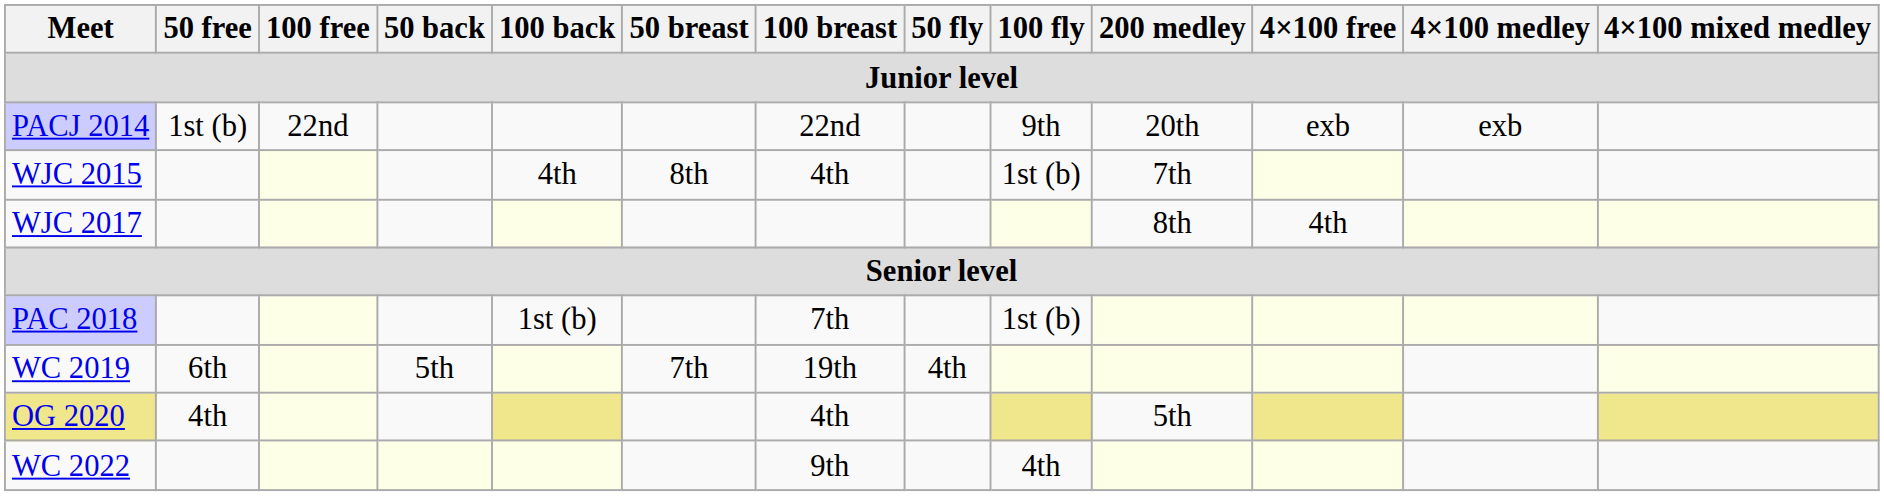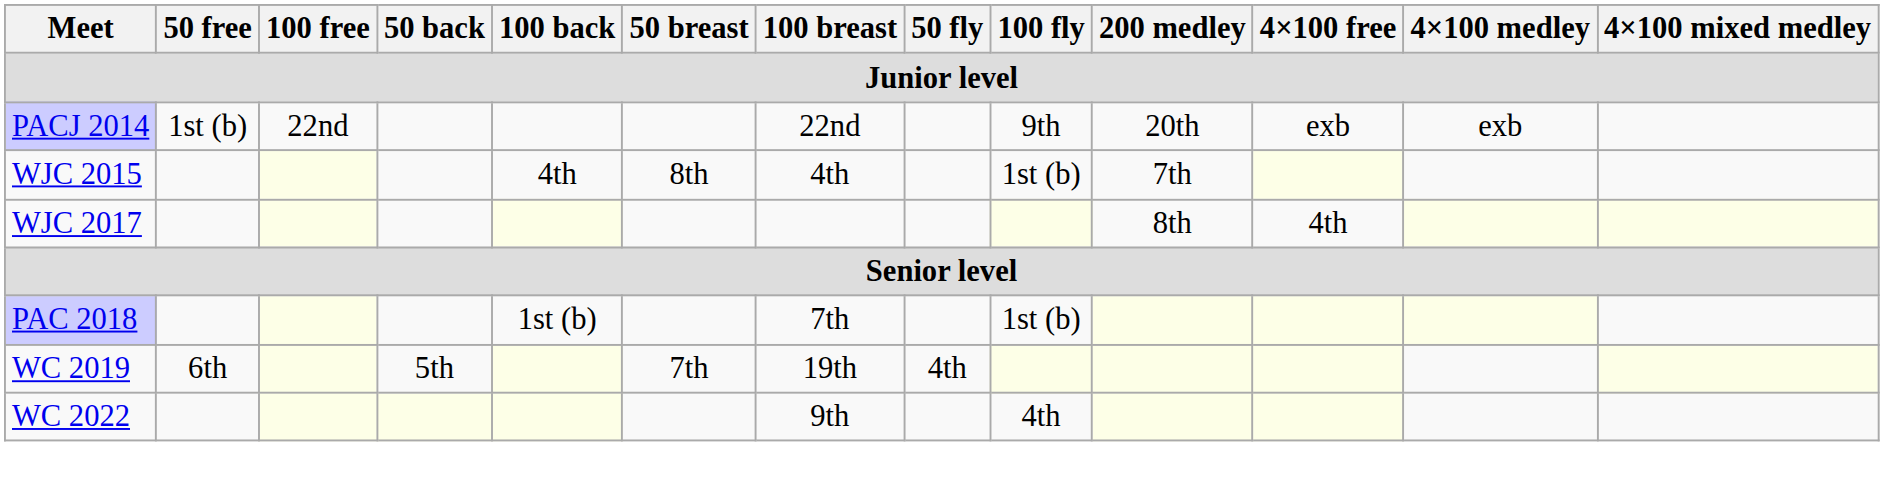 <table class="sortable wikitable">
 <tr>
 <th>Meet</th>
 <th class="unsortable">50 free</th>
 <th class="unsortable">100 free</th>
 <th class="unsortable">50 back</th>
 <th class="unsortable">100 back</th>
 <th class="unsortable">50 breast</th>
 <th class="unsortable">100 breast</th>
 <th class="unsortable">50 fly</th>
 <th class="unsortable">100 fly</th>
 <th class="unsortable">200 medley</th>
 <th class="unsortable">4×100 free</th>
 <th class="unsortable">4×100 medley</th>
 <th class="unsortable">4×100 mixed medley</th>
 </tr>
 <tr bgcolor="#DDDDDD">
 <td colspan="13" align="center"><strong>Junior level</strong></td>
 </tr>
 <tr>
 <td style="background:#ccccff"><a href='#'>PACJ 2014</a></td>
 <td align="center">1st (b)</td>
 <td align="center">22nd</td>
 <td></td>
 <td align="center"></td>
 <td></td>
 <td align="center">22nd</td>
 <td></td>
 <td align="center">9th</td>
 <td align="center">20th</td>
 <td align="center">exb</td>
 <td align="center">exb</td>
 <td></td>
 </tr>
 <tr>
 <td><a href='#'>WJC 2015</a></td>
 <td align="center"></td>
 <td style="background:#fdffe7"></td>
 <td align="center"></td>
 <td align="center">4th</td>
 <td align="center">8th</td>
 <td align="center">4th</td>
 <td align="center"></td>
 <td align="center">1st (b)</td>
 <td align="center">7th</td>
 <td style="background:#fdffe7"></td>
 <td align="center"></td>
 <td align="center"></td>
 </tr>
 <tr>
 <td><a href='#'>WJC 2017</a></td>
 <td align="center"></td>
 <td style="background:#fdffe7"></td>
 <td align="center"></td>
 <td style="background:#fdffe7"></td>
 <td align="center"></td>
 <td align="center"></td>
 <td align="center"></td>
 <td style="background:#fdffe7"></td>
 <td align="center">8th</td>
 <td align="center">4th</td>
 <td style="background:#fdffe7"></td>
 <td style="background:#fdffe7"></td>
 </tr>
 <tr bgcolor="#DDDDDD">
 <td colspan="13" align="center"><strong>Senior level</strong></td>
 </tr>
 <tr>
 <td style="background:#ccccff"><a href='#'>PAC 2018</a></td>
 <td align="center"></td>
 <td style="background:#fdffe7"></td>
 <td></td>
 <td align="center">1st (b)</td>
 <td></td>
 <td align="center">7th</td>
 <td></td>
 <td align="center">1st (b)</td>
 <td style="background:#fdffe7"></td>
 <td style="background:#fdffe7"></td>
 <td style="background:#fdffe7"></td>
 <td align="center"></td>
 </tr>
 <tr>
 <td><a href='#'>WC 2019</a></td>
 <td align="center">6th</td>
 <td style="background:#fdffe7"></td>
 <td align="center">5th</td>
 <td style="background:#fdffe7"></td>
 <td align="center">7th</td>
 <td align="center">19th</td>
 <td align="center">4th</td>
 <td style="background:#fdffe7"></td>
 <td style="background:#fdffe7"></td>
 <td style="background:#fdffe7"></td>
 <td align="center"></td>
 <td style="background:#fdffe7"></td>
 </tr>
 <tr>
-<td style="background:#f0e68c"><a href='#'>OG 2020</a></td>
-<td align="center">4th</td>
-<td style="background:#fdffe7"></td>
-<td></td>
-<td style="background:#f0e68c"></td>
-<td></td>
-<td align="center">4th</td>
-<td></td>
-<td style="background:#f0e68c"></td>
-<td align="center">5th</td>
-<td style="background:#f0e68c"></td>
-<td align="center"></td>
-<td style="background:#f0e68c"></td>
-</tr>
-<tr>
 <td><a href='#'>WC 2022</a></td>
 <td align="center"></td>
 <td style="background:#fdffe7"></td>
 <td style="background:#fdffe7"></td>
 <td style="background:#fdffe7"></td>
 <td align="center"></td>
 <td align="center">9th</td>
 <td align="center"></td>
 <td align="center">4th</td>
 <td style="background:#fdffe7"></td>
 <td style="background:#fdffe7"></td>
 <td align="center"></td>
 <td align="center"></td>
 </tr>
 </table>
